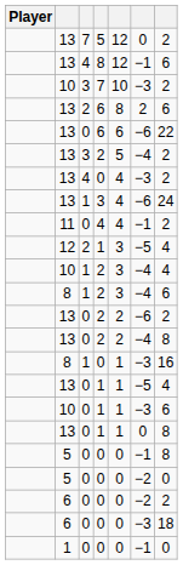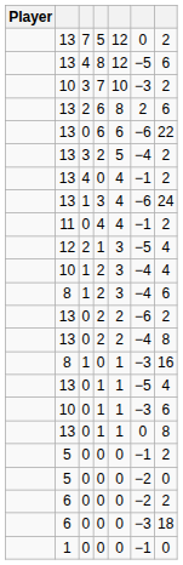 <table class="wikitable sortable" style="text-align:center;">
 <tr>
 <th>Player</th>
 <th></th>
 <th></th>
 <th></th>
 <th></th>
 <th data-sort-type="number"></th>
 <th></th>
 </tr>
 <tr>
 <td></td>
 <td>13</td>
 <td>7</td>
 <td>5</td>
 <td>12</td>
 <td>0</td>
 <td>2</td>
 </tr>
 <tr>
 <td></td>
 <td>13</td>
 <td>4</td>
 <td>8</td>
 <td>12</td>
-<td>−1</td>
+<td>−5</td>
 <td>6</td>
 </tr>
 <tr>
 <td></td>
 <td>10</td>
 <td>3</td>
 <td>7</td>
 <td>10</td>
 <td>−3</td>
 <td>2</td>
 </tr>
 <tr>
 <td></td>
 <td>13</td>
 <td>2</td>
 <td>6</td>
 <td>8</td>
 <td>2</td>
 <td>6</td>
 </tr>
 <tr>
 <td></td>
 <td>13</td>
 <td>0</td>
 <td>6</td>
 <td>6</td>
 <td>−6</td>
 <td>22</td>
 </tr>
 <tr>
 <td></td>
 <td>13</td>
 <td>3</td>
 <td>2</td>
 <td>5</td>
 <td>−4</td>
 <td>2</td>
 </tr>
 <tr>
 <td></td>
 <td>13</td>
 <td>4</td>
 <td>0</td>
 <td>4</td>
-<td>−3</td>
+<td>−1</td>
 <td>2</td>
 </tr>
 <tr>
 <td></td>
 <td>13</td>
 <td>1</td>
 <td>3</td>
 <td>4</td>
 <td>−6</td>
 <td>24</td>
 </tr>
 <tr>
 <td></td>
 <td>11</td>
 <td>0</td>
 <td>4</td>
 <td>4</td>
 <td>−1</td>
 <td>2</td>
 </tr>
 <tr>
 <td></td>
 <td>12</td>
 <td>2</td>
 <td>1</td>
 <td>3</td>
 <td>−5</td>
 <td>4</td>
 </tr>
 <tr>
 <td></td>
 <td>10</td>
 <td>1</td>
 <td>2</td>
 <td>3</td>
 <td>−4</td>
 <td>4</td>
 </tr>
 <tr>
 <td></td>
 <td>8</td>
 <td>1</td>
 <td>2</td>
 <td>3</td>
 <td>−4</td>
 <td>6</td>
 </tr>
 <tr>
 <td></td>
 <td>13</td>
 <td>0</td>
 <td>2</td>
 <td>2</td>
 <td>−6</td>
 <td>2</td>
 </tr>
 <tr>
 <td></td>
 <td>13</td>
 <td>0</td>
 <td>2</td>
 <td>2</td>
 <td>−4</td>
 <td>8</td>
 </tr>
 <tr>
 <td></td>
 <td>8</td>
 <td>1</td>
 <td>0</td>
 <td>1</td>
 <td>−3</td>
 <td>16</td>
 </tr>
 <tr>
 <td></td>
 <td>13</td>
 <td>0</td>
 <td>1</td>
 <td>1</td>
 <td>−5</td>
 <td>4</td>
 </tr>
 <tr>
 <td></td>
 <td>10</td>
 <td>0</td>
 <td>1</td>
 <td>1</td>
 <td>−3</td>
 <td>6</td>
 </tr>
 <tr>
 <td></td>
 <td>13</td>
 <td>0</td>
 <td>1</td>
 <td>1</td>
 <td>0</td>
 <td>8</td>
 </tr>
 <tr>
 <td></td>
 <td>5</td>
 <td>0</td>
 <td>0</td>
 <td>0</td>
 <td>−1</td>
-<td>8</td>
+<td>2</td>
 </tr>
 <tr>
 <td></td>
 <td>5</td>
 <td>0</td>
 <td>0</td>
 <td>0</td>
 <td>−2</td>
 <td>0</td>
 </tr>
 <tr>
 <td></td>
 <td>6</td>
 <td>0</td>
 <td>0</td>
 <td>0</td>
 <td>−2</td>
 <td>2</td>
 </tr>
 <tr>
 <td></td>
 <td>6</td>
 <td>0</td>
 <td>0</td>
 <td>0</td>
 <td>−3</td>
 <td>18</td>
 </tr>
 <tr>
 <td></td>
 <td>1</td>
 <td>0</td>
 <td>0</td>
 <td>0</td>
 <td>−1</td>
 <td>0</td>
 </tr>
 </table>
